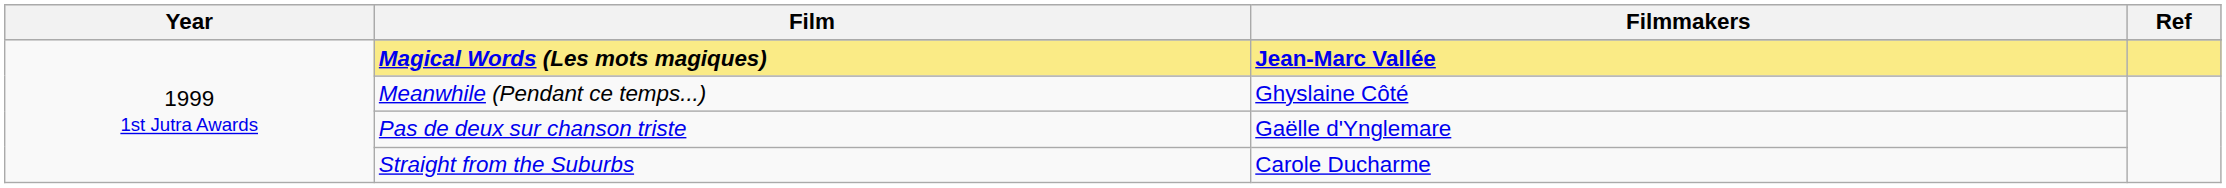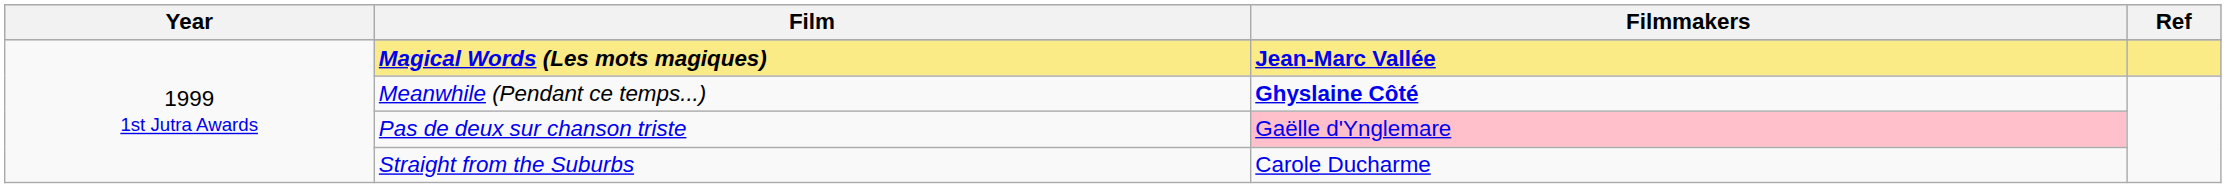 <table class="wikitable" style="width:100%;">
 <tr style="background:#bebebe;">
 <th style="width:8%;">Year</th>
 <th style="width:19%;">Film</th>
 <th style="width:19%;">Filmmakers</th>
 <th style="width:2%;">Ref</th>
 </tr>
 <tr>
 <td rowspan="5" align="center">1999 <br> <small><a href='#'>1st Jutra Awards</a></small></td>
 </tr>
 <tr style="background:#FAEB86">
 <td><strong><em><a href='#'>Magical Words</a> (Les mots magiques)</em></strong></td>
 <td><strong><a href='#'>Jean-Marc Vallée</a></strong></td>
 <td></td>
 </tr>
 <tr>
 <td><em><a href='#'>Meanwhile</a> (Pendant ce temps...)</em></td>
-<td><a href='#'>Ghyslaine Côté</a></td>
+<td><strong><a href='#'>Ghyslaine Côté</a></strong></td>
 <td rowspan=3></td>
 </tr>
 <tr>
 <td><em><a href='#'>Pas de deux sur chanson triste</a></em></td>
-<td><a href='#'>Gaëlle d'Ynglemare</a></td>
+<td style="background: pink;"><a href='#'>Gaëlle d'Ynglemare</a></td>
 </tr>
 <tr>
 <td><em><a href='#'>Straight from the Suburbs</a></em></td>
 <td><a href='#'>Carole Ducharme</a></td>
 </tr>
 </table>
